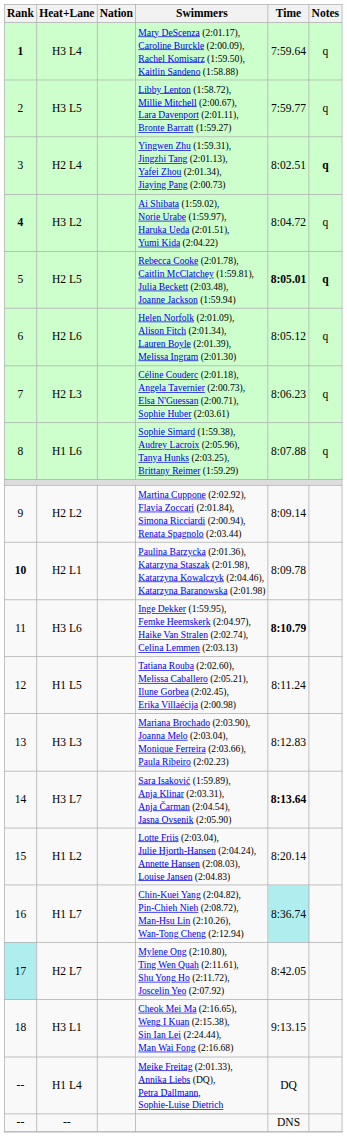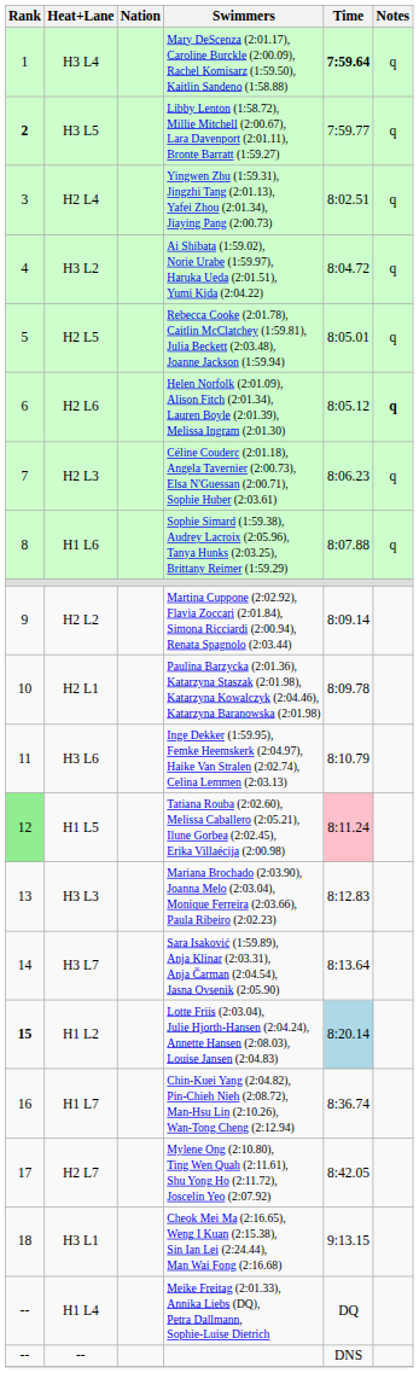 <table class="wikitable sortable" style="text-align:center">
 <tr>
 <th>Rank</th>
 <th>Heat+Lane</th>
 <th>Nation</th>
 <th>Swimmers</th>
 <th>Time</th>
 <th>Notes</th>
 </tr>
 <tr bgcolor=ccffcc>
-<td><strong>1</strong></td>
+<td>1</td>
 <td>H3 L4</td>
 <td align=left></td>
 <td align=left><small> <a href='#'>Mary DeScenza</a> (2:01.17),<br> <a href='#'>Caroline Burckle</a> (2:00.09),<br> <a href='#'>Rachel Komisarz</a> (1:59.50),<br> <a href='#'>Kaitlin Sandeno</a> (1:58.88) </small></td>
-<td>7:59.64</td>
+<td><strong>7:59.64</strong></td>
 <td>q</td>
 </tr>
 <tr bgcolor=ccffcc>
-<td>2</td>
+<td><strong>2</strong></td>
 <td>H3 L5</td>
 <td align=left></td>
 <td align=left><small> <a href='#'>Libby Lenton</a> (1:58.72),<br> <a href='#'>Millie Mitchell</a> (2:00.67),<br> <a href='#'>Lara Davenport</a> (2:01.11),<br> <a href='#'>Bronte Barratt</a> (1:59.27) </small></td>
 <td>7:59.77</td>
 <td>q</td>
 </tr>
 <tr bgcolor=ccffcc>
 <td>3</td>
 <td>H2 L4</td>
 <td align=left></td>
 <td align=left><small> <a href='#'>Yingwen Zhu</a> (1:59.31),<br> <a href='#'>Jingzhi Tang</a> (2:01.13),<br> <a href='#'>Yafei Zhou</a> (2:01.34),<br> <a href='#'>Jiaying Pang</a> (2:00.73) </small></td>
 <td>8:02.51</td>
-<td><strong>q</strong></td>
+<td>q</td>
 </tr>
 <tr bgcolor=ccffcc>
-<td><strong>4</strong></td>
+<td>4</td>
 <td>H3 L2</td>
 <td align=left></td>
 <td align=left><small> <a href='#'>Ai Shibata</a> (1:59.02),<br> <a href='#'>Norie Urabe</a> (1:59.97),<br> <a href='#'>Haruka Ueda</a> (2:01.51),<br> <a href='#'>Yumi Kida</a> (2:04.22) </small></td>
 <td>8:04.72</td>
 <td>q</td>
 </tr>
 <tr bgcolor=ccffcc>
 <td>5</td>
 <td>H2 L5</td>
 <td align=left></td>
 <td align=left><small> <a href='#'>Rebecca Cooke</a> (2:01.78),<br> <a href='#'>Caitlin McClatchey</a> (1:59.81),<br> <a href='#'>Julia Beckett</a> (2:03.48),<br> <a href='#'>Joanne Jackson</a> (1:59.94) </small></td>
-<td><strong>8:05.01</strong></td>
-<td><strong>q</strong></td>
+<td>8:05.01</td>
+<td>q</td>
 </tr>
 <tr bgcolor=ccffcc>
 <td>6</td>
 <td>H2 L6</td>
 <td align=left></td>
 <td align=left><small> <a href='#'>Helen Norfolk</a> (2:01.09),<br> <a href='#'>Alison Fitch</a> (2:01.34),<br> <a href='#'>Lauren Boyle</a> (2:01.39),<br> <a href='#'>Melissa Ingram</a> (2:01.30) </small></td>
 <td>8:05.12</td>
-<td>q</td>
+<td><strong>q</strong></td>
 </tr>
 <tr bgcolor=ccffcc>
 <td>7</td>
 <td>H2 L3</td>
 <td align=left></td>
 <td align=left><small> <a href='#'>Céline Couderc</a> (2:01.18),<br> <a href='#'>Angela Tavernier</a> (2:00.73),<br> <a href='#'>Elsa N'Guessan</a> (2:00.71),<br> <a href='#'>Sophie Huber</a> (2:03.61) </small></td>
 <td>8:06.23</td>
 <td>q</td>
 </tr>
 <tr bgcolor=ccffcc>
 <td>8</td>
 <td>H1 L6</td>
 <td align=left></td>
 <td align=left><small> <a href='#'>Sophie Simard</a> (1:59.38),<br> <a href='#'>Audrey Lacroix</a> (2:05.96),<br> <a href='#'>Tanya Hunks</a> (2:03.25),<br> <a href='#'>Brittany Reimer</a> (1:59.29) </small></td>
 <td>8:07.88</td>
 <td>q</td>
 </tr>
 <tr bgcolor=#DDDDDD>
 <td colspan=6></td>
 </tr>
 <tr>
 <td>9</td>
 <td>H2 L2</td>
 <td align=left></td>
 <td align=left><small> <a href='#'>Martina Cuppone</a> (2:02.92),<br> <a href='#'>Flavia Zoccari</a> (2:01.84),<br> <a href='#'>Simona Ricciardi</a> (2:00.94),<br> <a href='#'>Renata Spagnolo</a> (2:03.44) </small></td>
 <td>8:09.14</td>
 <td></td>
 </tr>
 <tr>
-<td><strong>10</strong></td>
+<td>10</td>
 <td>H2 L1</td>
 <td align=left></td>
 <td align=left><small> <a href='#'>Paulina Barzycka</a> (2:01.36),<br> <a href='#'>Katarzyna Staszak</a> (2:01.98),<br> <a href='#'>Katarzyna Kowalczyk</a> (2:04.46),<br> <a href='#'>Katarzyna Baranowska</a> (2:01.98) </small></td>
 <td>8:09.78</td>
 <td></td>
 </tr>
 <tr>
 <td>11</td>
 <td>H3 L6</td>
 <td align=left></td>
 <td align=left><small> <a href='#'>Inge Dekker</a> (1:59.95),<br> <a href='#'>Femke Heemskerk</a> (2:04.97),<br> <a href='#'>Haike Van Stralen</a> (2:02.74),<br> <a href='#'>Celina Lemmen</a> (2:03.13) </small></td>
-<td><strong>8:10.79</strong></td>
+<td>8:10.79</td>
 <td></td>
 </tr>
 <tr>
-<td>12</td>
+<td style="background: lightgreen;">12</td>
 <td>H1 L5</td>
 <td align=left></td>
 <td align=left><small> <a href='#'>Tatiana Rouba</a> (2:02.60),<br> <a href='#'>Melissa Caballero</a> (2:05.21),<br> <a href='#'>Ilune Gorbea</a> (2:02.45),<br> <a href='#'>Erika Villaécija</a> (2:00.98) </small></td>
-<td>8:11.24</td>
+<td style="background: pink;">8:11.24</td>
 <td></td>
 </tr>
 <tr>
 <td>13</td>
 <td>H3 L3</td>
 <td align=left></td>
 <td align=left><small> <a href='#'>Mariana Brochado</a> (2:03.90),<br> <a href='#'>Joanna Melo</a> (2:03.04),<br> <a href='#'>Monique Ferreira</a> (2:03.66),<br> <a href='#'>Paula Ribeiro</a> (2:02.23) </small></td>
 <td>8:12.83</td>
 <td></td>
 </tr>
 <tr>
 <td>14</td>
 <td>H3 L7</td>
 <td align=left></td>
 <td align=left><small> <a href='#'>Sara Isaković</a> (1:59.89),<br> <a href='#'>Anja Klinar</a> (2:03.31),<br> <a href='#'>Anja Čarman</a> (2:04.54),<br> <a href='#'>Jasna Ovsenik</a> (2:05.90) </small></td>
-<td><strong>8:13.64</strong></td>
+<td>8:13.64</td>
 <td></td>
 </tr>
 <tr>
-<td>15</td>
+<td><strong>15</strong></td>
 <td>H1 L2</td>
 <td align=left></td>
 <td align=left><small> <a href='#'>Lotte Friis</a> (2:03.04),<br> <a href='#'>Julie Hjorth-Hansen</a> (2:04.24),<br> <a href='#'>Annette Hansen</a> (2:08.03),<br> <a href='#'>Louise Jansen</a> (2:04.83) </small></td>
-<td>8:20.14</td>
+<td style="background: lightblue;">8:20.14</td>
 <td></td>
 </tr>
 <tr>
 <td>16</td>
 <td>H1 L7</td>
 <td align=left></td>
 <td align=left><small> <a href='#'>Chin-Kuei Yang</a> (2:04.82),<br> <a href='#'>Pin-Chieh Nieh</a> (2:08.72),<br> <a href='#'>Man-Hsu Lin</a> (2:10.26),<br> <a href='#'>Wan-Tong Cheng</a> (2:12.94) </small></td>
-<td style="background: paleturquoise;">8:36.74</td>
+<td>8:36.74</td>
 <td></td>
 </tr>
 <tr>
-<td style="background: paleturquoise;">17</td>
+<td>17</td>
 <td>H2 L7</td>
 <td align=left></td>
 <td align=left><small> <a href='#'>Mylene Ong</a> (2:10.80),<br> <a href='#'>Ting Wen Quah</a> (2:11.61),<br> <a href='#'>Shu Yong Ho</a> (2:11.72),<br> <a href='#'>Joscelin Yeo</a> (2:07.92) </small></td>
 <td>8:42.05</td>
 <td></td>
 </tr>
 <tr>
 <td>18</td>
 <td>H3 L1</td>
 <td align=left></td>
 <td align=left><small> <a href='#'>Cheok Mei Ma</a> (2:16.65),<br> <a href='#'>Weng I Kuan</a> (2:15.38),<br> <a href='#'>Sin Ian Lei</a> (2:24.44),<br> <a href='#'>Man Wai Fong</a> (2:16.68) </small></td>
 <td>9:13.15</td>
 <td></td>
 </tr>
 <tr>
 <td>--</td>
 <td>H1 L4</td>
 <td align=left></td>
 <td align=left><small> <a href='#'>Meike Freitag</a> (2:01.33),<br> <a href='#'>Annika Liebs</a> (DQ),<br> <a href='#'>Petra Dallmann</a>,<br> <a href='#'>Sophie-Luise Dietrich</a> </small></td>
 <td>DQ</td>
 <td></td>
 </tr>
 <tr>
 <td>--</td>
 <td>--</td>
 <td align=left></td>
 <td align=left></td>
 <td>DNS</td>
 <td></td>
 </tr>
 <tr>
 </tr>
 </table>
